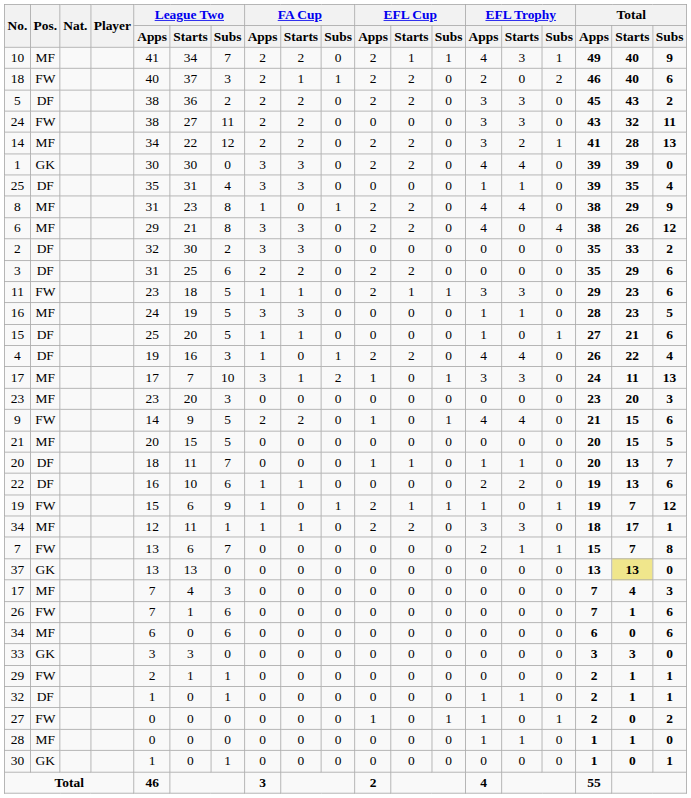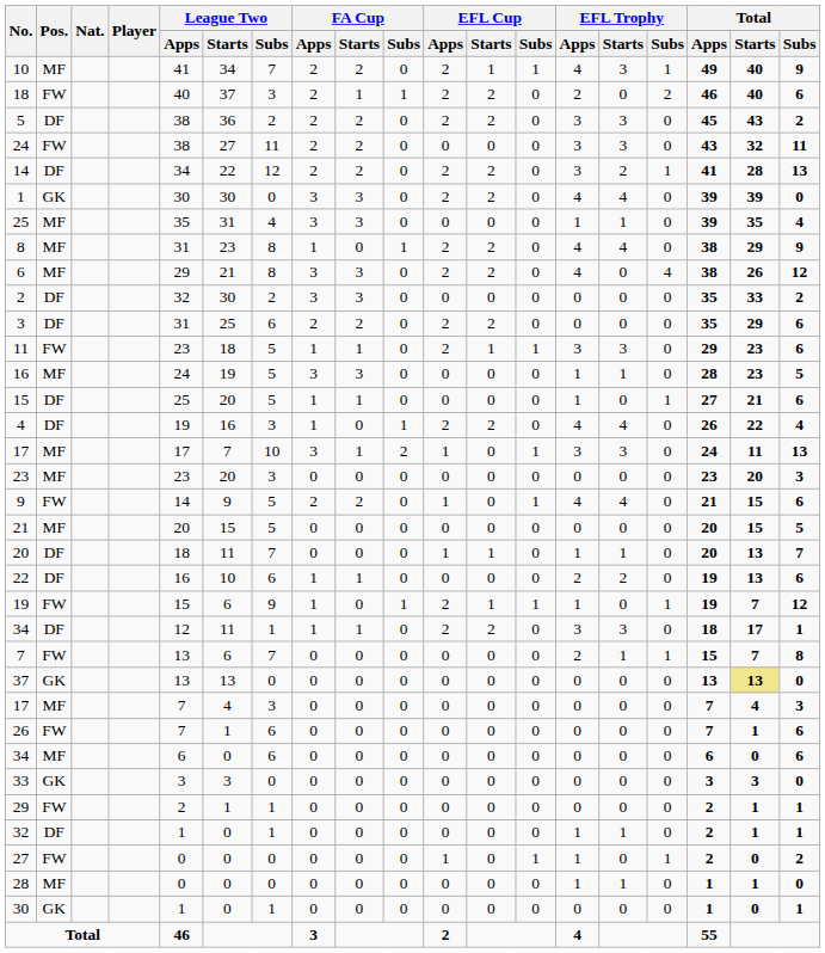 <table class="wikitable" style="text-align:center">
 <tr>
 <th rowspan="2">No.</th>
 <th rowspan="2">Pos.</th>
 <th rowspan="2">Nat.</th>
 <th rowspan="2">Player</th>
 <th colspan="3"><a href='#'>League Two</a></th>
 <th colspan="3"><a href='#'>FA Cup</a></th>
 <th colspan="3"><a href='#'>EFL Cup</a></th>
 <th colspan="3"><a href='#'>EFL Trophy</a></th>
 <th colspan="3">Total</th>
 </tr>
 <tr>
 <th>Apps</th>
 <th>Starts</th>
 <th>Subs</th>
 <th>Apps</th>
 <th>Starts</th>
 <th>Subs</th>
 <th>Apps</th>
 <th>Starts</th>
 <th>Subs</th>
 <th>Apps</th>
 <th>Starts</th>
 <th>Subs</th>
 <th>Apps</th>
 <th>Starts</th>
 <th>Subs</th>
 </tr>
 <tr>
 <td>10</td>
 <td>MF</td>
 <td></td>
 <td align=left></td>
 <td>41</td>
 <td>34</td>
 <td>7</td>
 <td>2</td>
 <td>2</td>
 <td>0</td>
 <td>2</td>
 <td>1</td>
 <td>1</td>
 <td>4</td>
 <td>3</td>
 <td>1</td>
 <td><strong>49</strong></td>
 <td><strong>40</strong></td>
 <td><strong>9</strong></td>
 </tr>
 <tr>
 <td>18</td>
 <td>FW</td>
 <td></td>
 <td align=left></td>
 <td>40</td>
 <td>37</td>
 <td>3</td>
 <td>2</td>
 <td>1</td>
 <td>1</td>
 <td>2</td>
 <td>2</td>
 <td>0</td>
 <td>2</td>
 <td>0</td>
 <td>2</td>
 <td><strong>46</strong></td>
 <td><strong>40</strong></td>
 <td><strong>6</strong></td>
 </tr>
 <tr>
 <td>5</td>
 <td>DF</td>
 <td></td>
 <td align=left></td>
 <td>38</td>
 <td>36</td>
 <td>2</td>
 <td>2</td>
 <td>2</td>
 <td>0</td>
 <td>2</td>
 <td>2</td>
 <td>0</td>
 <td>3</td>
 <td>3</td>
 <td>0</td>
 <td><strong>45</strong></td>
 <td><strong>43</strong></td>
 <td><strong>2</strong></td>
 </tr>
 <tr>
 <td>24</td>
 <td>FW</td>
 <td></td>
 <td align=left></td>
 <td>38</td>
 <td>27</td>
 <td>11</td>
 <td>2</td>
 <td>2</td>
 <td>0</td>
 <td>0</td>
 <td>0</td>
 <td>0</td>
 <td>3</td>
 <td>3</td>
 <td>0</td>
 <td><strong>43</strong></td>
 <td><strong>32</strong></td>
 <td><strong>11</strong></td>
 </tr>
 <tr>
 <td>14</td>
-<td>MF</td>
+<td>DF</td>
 <td></td>
 <td align=left></td>
 <td>34</td>
 <td>22</td>
 <td>12</td>
 <td>2</td>
 <td>2</td>
 <td>0</td>
 <td>2</td>
 <td>2</td>
 <td>0</td>
 <td>3</td>
 <td>2</td>
 <td>1</td>
 <td><strong>41</strong></td>
 <td><strong>28</strong></td>
 <td><strong>13</strong></td>
 </tr>
 <tr>
 <td>1</td>
 <td>GK</td>
 <td></td>
 <td align=left></td>
 <td>30</td>
 <td>30</td>
 <td>0</td>
 <td>3</td>
 <td>3</td>
 <td>0</td>
 <td>2</td>
 <td>2</td>
 <td>0</td>
 <td>4</td>
 <td>4</td>
 <td>0</td>
 <td><strong>39</strong></td>
 <td><strong>39</strong></td>
 <td><strong>0</strong></td>
 </tr>
 <tr>
 <td>25</td>
-<td>DF</td>
+<td>MF</td>
 <td></td>
 <td align=left></td>
 <td>35</td>
 <td>31</td>
 <td>4</td>
 <td>3</td>
 <td>3</td>
 <td>0</td>
 <td>0</td>
 <td>0</td>
 <td>0</td>
 <td>1</td>
 <td>1</td>
 <td>0</td>
 <td><strong>39</strong></td>
 <td><strong>35</strong></td>
 <td><strong>4</strong></td>
 </tr>
 <tr>
 <td>8</td>
 <td>MF</td>
 <td></td>
 <td align=left></td>
 <td>31</td>
 <td>23</td>
 <td>8</td>
 <td>1</td>
 <td>0</td>
 <td>1</td>
 <td>2</td>
 <td>2</td>
 <td>0</td>
 <td>4</td>
 <td>4</td>
 <td>0</td>
 <td><strong>38</strong></td>
 <td><strong>29</strong></td>
 <td><strong>9</strong></td>
 </tr>
 <tr>
 <td>6</td>
 <td>MF</td>
 <td></td>
 <td align=left></td>
 <td>29</td>
 <td>21</td>
 <td>8</td>
 <td>3</td>
 <td>3</td>
 <td>0</td>
 <td>2</td>
 <td>2</td>
 <td>0</td>
 <td>4</td>
 <td>0</td>
 <td>4</td>
 <td><strong>38</strong></td>
 <td><strong>26</strong></td>
 <td><strong>12</strong></td>
 </tr>
 <tr>
 <td>2</td>
 <td>DF</td>
 <td></td>
 <td align=left></td>
 <td>32</td>
 <td>30</td>
 <td>2</td>
 <td>3</td>
 <td>3</td>
 <td>0</td>
 <td>0</td>
 <td>0</td>
 <td>0</td>
 <td>0</td>
 <td>0</td>
 <td>0</td>
 <td><strong>35</strong></td>
 <td><strong>33</strong></td>
 <td><strong>2</strong></td>
 </tr>
 <tr>
 <td>3</td>
 <td>DF</td>
 <td></td>
 <td align=left></td>
 <td>31</td>
 <td>25</td>
 <td>6</td>
 <td>2</td>
 <td>2</td>
 <td>0</td>
 <td>2</td>
 <td>2</td>
 <td>0</td>
 <td>0</td>
 <td>0</td>
 <td>0</td>
 <td><strong>35</strong></td>
 <td><strong>29</strong></td>
 <td><strong>6</strong></td>
 </tr>
 <tr>
 <td>11</td>
 <td>FW</td>
 <td></td>
 <td align=left></td>
 <td>23</td>
 <td>18</td>
 <td>5</td>
 <td>1</td>
 <td>1</td>
 <td>0</td>
 <td>2</td>
 <td>1</td>
 <td>1</td>
 <td>3</td>
 <td>3</td>
 <td>0</td>
 <td><strong>29</strong></td>
 <td><strong>23</strong></td>
 <td><strong>6</strong></td>
 </tr>
 <tr>
 <td>16</td>
 <td>MF</td>
 <td></td>
 <td align=left></td>
 <td>24</td>
 <td>19</td>
 <td>5</td>
 <td>3</td>
 <td>3</td>
 <td>0</td>
 <td>0</td>
 <td>0</td>
 <td>0</td>
 <td>1</td>
 <td>1</td>
 <td>0</td>
 <td><strong>28</strong></td>
 <td><strong>23</strong></td>
 <td><strong>5</strong></td>
 </tr>
 <tr>
 <td>15</td>
 <td>DF</td>
 <td></td>
 <td align=left></td>
 <td>25</td>
 <td>20</td>
 <td>5</td>
 <td>1</td>
 <td>1</td>
 <td>0</td>
 <td>0</td>
 <td>0</td>
 <td>0</td>
 <td>1</td>
 <td>0</td>
 <td>1</td>
 <td><strong>27</strong></td>
 <td><strong>21</strong></td>
 <td><strong>6</strong></td>
 </tr>
 <tr>
 <td>4</td>
 <td>DF</td>
 <td></td>
 <td align=left></td>
 <td>19</td>
 <td>16</td>
 <td>3</td>
 <td>1</td>
 <td>0</td>
 <td>1</td>
 <td>2</td>
 <td>2</td>
 <td>0</td>
 <td>4</td>
 <td>4</td>
 <td>0</td>
 <td><strong>26</strong></td>
 <td><strong>22</strong></td>
 <td><strong>4</strong></td>
 </tr>
 <tr>
 <td>17</td>
 <td>MF</td>
 <td></td>
 <td align=left></td>
 <td>17</td>
 <td>7</td>
 <td>10</td>
 <td>3</td>
 <td>1</td>
 <td>2</td>
 <td>1</td>
 <td>0</td>
 <td>1</td>
 <td>3</td>
 <td>3</td>
 <td>0</td>
 <td><strong>24</strong></td>
 <td><strong>11</strong></td>
 <td><strong>13</strong></td>
 </tr>
 <tr>
 <td>23</td>
 <td>MF</td>
 <td></td>
 <td align=left></td>
 <td>23</td>
 <td>20</td>
 <td>3</td>
 <td>0</td>
 <td>0</td>
 <td>0</td>
 <td>0</td>
 <td>0</td>
 <td>0</td>
 <td>0</td>
 <td>0</td>
 <td>0</td>
 <td><strong>23</strong></td>
 <td><strong>20</strong></td>
 <td><strong>3</strong></td>
 </tr>
 <tr>
 <td>9</td>
 <td>FW</td>
 <td></td>
 <td align=left></td>
 <td>14</td>
 <td>9</td>
 <td>5</td>
 <td>2</td>
 <td>2</td>
 <td>0</td>
 <td>1</td>
 <td>0</td>
 <td>1</td>
 <td>4</td>
 <td>4</td>
 <td>0</td>
 <td><strong>21</strong></td>
 <td><strong>15</strong></td>
 <td><strong>6</strong></td>
 </tr>
 <tr>
 <td>21</td>
 <td>MF</td>
 <td></td>
 <td align=left></td>
 <td>20</td>
 <td>15</td>
 <td>5</td>
 <td>0</td>
 <td>0</td>
 <td>0</td>
 <td>0</td>
 <td>0</td>
 <td>0</td>
 <td>0</td>
 <td>0</td>
 <td>0</td>
 <td><strong>20</strong></td>
 <td><strong>15</strong></td>
 <td><strong>5</strong></td>
 </tr>
 <tr>
 <td>20</td>
 <td>DF</td>
 <td></td>
 <td align=left></td>
 <td>18</td>
 <td>11</td>
 <td>7</td>
 <td>0</td>
 <td>0</td>
 <td>0</td>
 <td>1</td>
 <td>1</td>
 <td>0</td>
 <td>1</td>
 <td>1</td>
 <td>0</td>
 <td><strong>20</strong></td>
 <td><strong>13</strong></td>
 <td><strong>7</strong></td>
 </tr>
 <tr>
 <td>22</td>
 <td>DF</td>
 <td></td>
 <td align=left></td>
 <td>16</td>
 <td>10</td>
 <td>6</td>
 <td>1</td>
 <td>1</td>
 <td>0</td>
 <td>0</td>
 <td>0</td>
 <td>0</td>
 <td>2</td>
 <td>2</td>
 <td>0</td>
 <td><strong>19</strong></td>
 <td><strong>13</strong></td>
 <td><strong>6</strong></td>
 </tr>
 <tr>
 <td>19</td>
 <td>FW</td>
 <td></td>
 <td align=left></td>
 <td>15</td>
 <td>6</td>
 <td>9</td>
 <td>1</td>
 <td>0</td>
 <td>1</td>
 <td>2</td>
 <td>1</td>
 <td>1</td>
 <td>1</td>
 <td>0</td>
 <td>1</td>
 <td><strong>19</strong></td>
 <td><strong>7</strong></td>
 <td><strong>12</strong></td>
 </tr>
 <tr>
 <td>34</td>
-<td>MF</td>
+<td>DF</td>
 <td></td>
 <td align=left></td>
 <td>12</td>
 <td>11</td>
 <td>1</td>
 <td>1</td>
 <td>1</td>
 <td>0</td>
 <td>2</td>
 <td>2</td>
 <td>0</td>
 <td>3</td>
 <td>3</td>
 <td>0</td>
 <td><strong>18</strong></td>
 <td><strong>17</strong></td>
 <td><strong>1</strong></td>
 </tr>
 <tr>
 <td>7</td>
 <td>FW</td>
 <td></td>
 <td align=left></td>
 <td>13</td>
 <td>6</td>
 <td>7</td>
 <td>0</td>
 <td>0</td>
 <td>0</td>
 <td>0</td>
 <td>0</td>
 <td>0</td>
 <td>2</td>
 <td>1</td>
 <td>1</td>
 <td><strong>15</strong></td>
 <td><strong>7</strong></td>
 <td><strong>8</strong></td>
 </tr>
 <tr>
 <td>37</td>
 <td>GK</td>
 <td></td>
 <td align=left></td>
 <td>13</td>
 <td>13</td>
 <td>0</td>
 <td>0</td>
 <td>0</td>
 <td>0</td>
 <td>0</td>
 <td>0</td>
 <td>0</td>
 <td>0</td>
 <td>0</td>
 <td>0</td>
 <td><strong>13</strong></td>
 <td style="background: khaki;"><strong>13</strong></td>
 <td><strong>0</strong></td>
 </tr>
 <tr>
 <td>17</td>
 <td>MF</td>
 <td></td>
 <td align=left></td>
 <td>7</td>
 <td>4</td>
 <td>3</td>
 <td>0</td>
 <td>0</td>
 <td>0</td>
 <td>0</td>
 <td>0</td>
 <td>0</td>
 <td>0</td>
 <td>0</td>
 <td>0</td>
 <td><strong>7</strong></td>
 <td><strong>4</strong></td>
 <td><strong>3</strong></td>
 </tr>
 <tr>
 <td>26</td>
 <td>FW</td>
 <td></td>
 <td align=left></td>
 <td>7</td>
 <td>1</td>
 <td>6</td>
 <td>0</td>
 <td>0</td>
 <td>0</td>
 <td>0</td>
 <td>0</td>
 <td>0</td>
 <td>0</td>
 <td>0</td>
 <td>0</td>
 <td><strong>7</strong></td>
 <td><strong>1</strong></td>
 <td><strong>6</strong></td>
 </tr>
 <tr>
 <td>34</td>
 <td>MF</td>
 <td></td>
 <td align=left></td>
 <td>6</td>
 <td>0</td>
 <td>6</td>
 <td>0</td>
 <td>0</td>
 <td>0</td>
 <td>0</td>
 <td>0</td>
 <td>0</td>
 <td>0</td>
 <td>0</td>
 <td>0</td>
 <td><strong>6</strong></td>
 <td><strong>0</strong></td>
 <td><strong>6</strong></td>
 </tr>
 <tr>
 <td>33</td>
 <td>GK</td>
 <td></td>
 <td align=left></td>
 <td>3</td>
 <td>3</td>
 <td>0</td>
 <td>0</td>
 <td>0</td>
 <td>0</td>
 <td>0</td>
 <td>0</td>
 <td>0</td>
 <td>0</td>
 <td>0</td>
 <td>0</td>
 <td><strong>3</strong></td>
 <td><strong>3</strong></td>
 <td><strong>0</strong></td>
 </tr>
 <tr>
 <td>29</td>
 <td>FW</td>
 <td></td>
 <td align=left></td>
 <td>2</td>
 <td>1</td>
 <td>1</td>
 <td>0</td>
 <td>0</td>
 <td>0</td>
 <td>0</td>
 <td>0</td>
 <td>0</td>
 <td>0</td>
 <td>0</td>
 <td>0</td>
 <td><strong>2</strong></td>
 <td><strong>1</strong></td>
 <td><strong>1</strong></td>
 </tr>
 <tr>
 <td>32</td>
 <td>DF</td>
 <td></td>
 <td align=left></td>
 <td>1</td>
 <td>0</td>
 <td>1</td>
 <td>0</td>
 <td>0</td>
 <td>0</td>
 <td>0</td>
 <td>0</td>
 <td>0</td>
 <td>1</td>
 <td>1</td>
 <td>0</td>
 <td><strong>2</strong></td>
 <td><strong>1</strong></td>
 <td><strong>1</strong></td>
 </tr>
 <tr>
 <td>27</td>
 <td>FW</td>
 <td></td>
 <td align=left></td>
 <td>0</td>
 <td>0</td>
 <td>0</td>
 <td>0</td>
 <td>0</td>
 <td>0</td>
 <td>1</td>
 <td>0</td>
 <td>1</td>
 <td>1</td>
 <td>0</td>
 <td>1</td>
 <td><strong>2</strong></td>
 <td><strong>0</strong></td>
 <td><strong>2</strong></td>
 </tr>
 <tr>
 <td>28</td>
 <td>MF</td>
 <td></td>
 <td align=left></td>
 <td>0</td>
 <td>0</td>
 <td>0</td>
 <td>0</td>
 <td>0</td>
 <td>0</td>
 <td>0</td>
 <td>0</td>
 <td>0</td>
 <td>1</td>
 <td>1</td>
 <td>0</td>
 <td><strong>1</strong></td>
 <td><strong>1</strong></td>
 <td><strong>0</strong></td>
 </tr>
 <tr>
 <td>30</td>
 <td>GK</td>
 <td></td>
 <td align=left></td>
 <td>1</td>
 <td>0</td>
 <td>1</td>
 <td>0</td>
 <td>0</td>
 <td>0</td>
 <td>0</td>
 <td>0</td>
 <td>0</td>
 <td>0</td>
 <td>0</td>
 <td>0</td>
 <td><strong>1</strong></td>
 <td><strong>0</strong></td>
 <td><strong>1</strong></td>
 </tr>
 <tr class="sortbottom">
 <td colspan=4><strong>Total</strong></td>
 <td colspan=1><strong>46</strong></td>
 <td colspan=2></td>
 <td colspan=1><strong>3</strong></td>
 <td colspan=2></td>
 <td colspan=1><strong>2</strong></td>
 <td colspan=2></td>
 <td colspan=1><strong>4</strong></td>
 <td colspan=2></td>
 <td colspan=1><strong>55</strong></td>
 <td colspan=2></td>
 </tr>
 </table>
